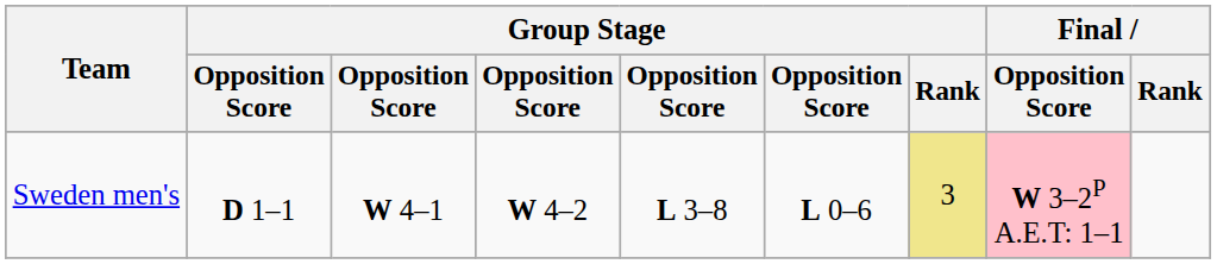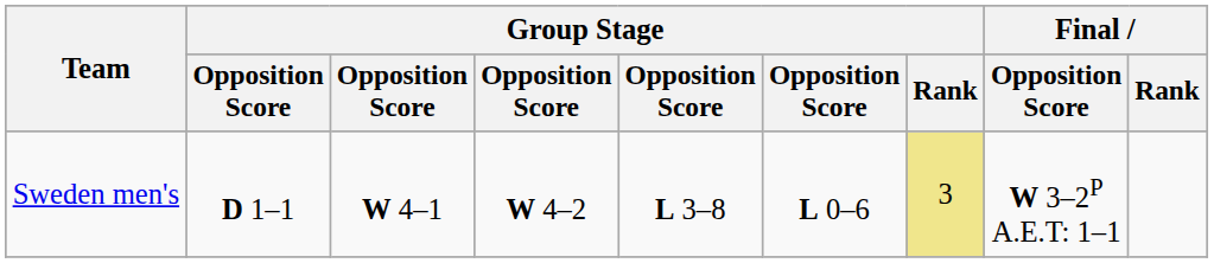 <table class="wikitable" style="font-size:90%">
 <tr>
 <th rowspan=2>Team</th>
 <th colspan=6>Group Stage</th>
 <th colspan=2>Final / </th>
 </tr>
 <tr style="font-size:95%">
 <th>Opposition<br>Score</th>
 <th>Opposition<br>Score</th>
 <th>Opposition<br>Score</th>
 <th>Opposition<br>Score</th>
 <th>Opposition<br>Score</th>
 <th>Rank</th>
 <th>Opposition<br>Score</th>
 <th>Rank</th>
 </tr>
 <tr align=center>
 <td align=left><a href='#'>Sweden men's</a></td>
 <td><br><strong>D</strong> 1–1</td>
 <td><br><strong>W</strong> 4–1</td>
 <td><br><strong>W</strong> 4–2</td>
 <td><br><strong>L</strong> 3–8</td>
 <td><br><strong>L</strong> 0–6</td>
 <td style="background: khaki;">3</td>
-<td style="background: pink;"><br><strong>W</strong> 3–2<sup>P</sup><br>A.E.T: 1–1</td>
+<td><br><strong>W</strong> 3–2<sup>P</sup><br>A.E.T: 1–1</td>
 <td></td>
 </tr>
 </table>
